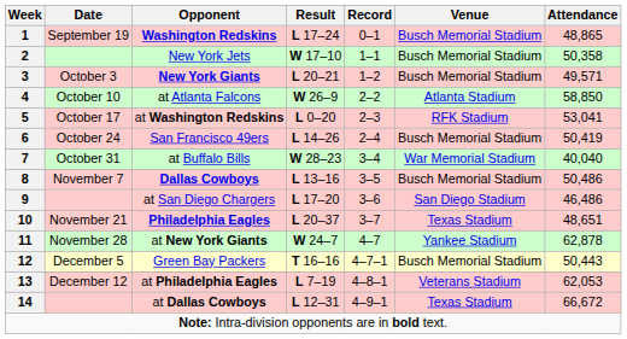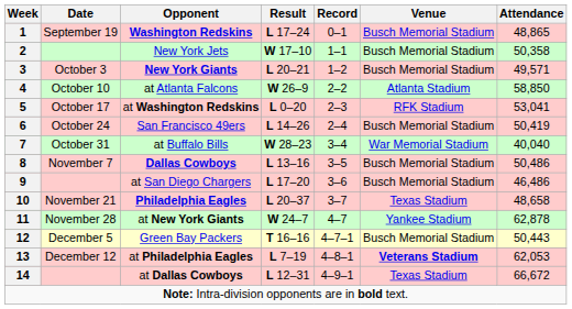 <table class="wikitable" style="text-align:center">
 <tr>
 <th>Week</th>
 <th>Date</th>
 <th>Opponent</th>
 <th>Result</th>
 <th>Record</th>
 <th>Venue</th>
 <th>Attendance</th>
 </tr>
 <tr style="background:#fcc">
 <th>1</th>
 <td>September 19</td>
 <td><strong><a href='#'>Washington Redskins</a></strong></td>
 <td><strong>L</strong> 17–24</td>
 <td>0–1</td>
 <td><a href='#'>Busch Memorial Stadium</a></td>
 <td>48,865</td>
 </tr>
 <tr style="background:#cfc">
 <th>2</th>
 <td></td>
 <td><a href='#'>New York Jets</a></td>
 <td><strong>W</strong> 17–10</td>
 <td>1–1</td>
 <td>Busch Memorial Stadium</td>
 <td>50,358</td>
 </tr>
 <tr style="background:#fcc">
 <th>3</th>
 <td>October 3</td>
 <td><strong><a href='#'>New York Giants</a></strong></td>
 <td><strong>L</strong> 20–21</td>
 <td>1–2</td>
 <td>Busch Memorial Stadium</td>
 <td>49,571</td>
 </tr>
 <tr style="background:#cfc">
 <th>4</th>
 <td>October 10</td>
 <td>at <a href='#'>Atlanta Falcons</a></td>
 <td><strong>W</strong> 26–9</td>
 <td>2–2</td>
 <td><a href='#'>Atlanta Stadium</a></td>
 <td>58,850</td>
 </tr>
 <tr style="background:#fcc">
 <th>5</th>
 <td>October 17</td>
 <td>at <strong>Washington Redskins</strong></td>
 <td><strong>L</strong> 0–20</td>
 <td>2–3</td>
 <td><a href='#'>RFK Stadium</a></td>
 <td>53,041</td>
 </tr>
 <tr style="background:#fcc">
 <th>6</th>
 <td>October 24</td>
 <td><a href='#'>San Francisco 49ers</a></td>
 <td><strong>L</strong> 14–26</td>
 <td>2–4</td>
 <td>Busch Memorial Stadium</td>
 <td>50,419</td>
 </tr>
 <tr style="background:#cfc">
 <th>7</th>
 <td>October 31</td>
 <td>at <a href='#'>Buffalo Bills</a></td>
 <td><strong>W</strong> 28–23</td>
 <td>3–4</td>
 <td><a href='#'>War Memorial Stadium</a></td>
 <td>40,040</td>
 </tr>
 <tr style="background:#fcc">
 <th>8</th>
 <td>November 7</td>
 <td><strong><a href='#'>Dallas Cowboys</a></strong></td>
 <td><strong>L</strong> 13–16</td>
 <td>3–5</td>
 <td>Busch Memorial Stadium</td>
 <td>50,486</td>
 </tr>
 <tr style="background:#fcc">
 <th>9</th>
 <td></td>
 <td>at <a href='#'>San Diego Chargers</a></td>
 <td><strong>L</strong> 17–20</td>
 <td>3–6</td>
-<td><a href='#'>San Diego Stadium</a></td>
+<td>Busch Memorial Stadium</td>
 <td>46,486</td>
 </tr>
 <tr style="background:#fcc">
 <th>10</th>
 <td>November 21</td>
 <td><strong><a href='#'>Philadelphia Eagles</a></strong></td>
 <td><strong>L</strong> 20–37</td>
 <td>3–7</td>
 <td><a href='#'>Texas Stadium</a></td>
-<td>48,651</td>
+<td>48,658</td>
 </tr>
 <tr style="background:#cfc">
 <th>11</th>
 <td>November 28</td>
 <td>at <strong>New York Giants</strong></td>
 <td><strong>W</strong> 24–7</td>
 <td>4–7</td>
 <td><a href='#'>Yankee Stadium</a></td>
 <td>62,878</td>
 </tr>
 <tr style="background:#ffc">
 <th>12</th>
 <td>December 5</td>
 <td><a href='#'>Green Bay Packers</a></td>
 <td><strong>T</strong> 16–16</td>
 <td>4–7–1</td>
 <td>Busch Memorial Stadium</td>
 <td>50,443</td>
 </tr>
 <tr style="background:#fcc">
 <th>13</th>
 <td>December 12</td>
 <td>at  <strong>Philadelphia Eagles</strong></td>
 <td><strong>L</strong> 7–19</td>
 <td>4–8–1</td>
-<td><a href='#'>Veterans Stadium</a></td>
+<td><strong><a href='#'>Veterans Stadium</a></strong></td>
 <td>62,053</td>
 </tr>
 <tr style="background:#fcc">
 <th>14</th>
 <td></td>
 <td>at <strong>Dallas Cowboys</strong></td>
 <td><strong>L</strong> 12–31</td>
 <td>4–9–1</td>
 <td><a href='#'>Texas Stadium</a></td>
 <td>66,672</td>
 </tr>
 <tr>
 <td colspan="8"><strong>Note:</strong> Intra-division opponents are in <strong>bold</strong> text.</td>
 </tr>
 </table>
